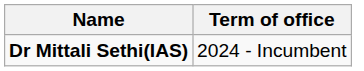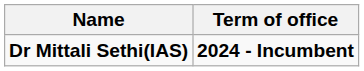 <table class="wikitable">
 <tr>
 <th>Name</th>
 <th>Term of office</th>
 </tr>
 <tr>
 <td><strong>Dr Mittali Sethi(IAS)</strong></td>
-<td>2024 - Incumbent</td>
+<td><strong>2024 - Incumbent</strong></td>
 </tr>
 </table>
